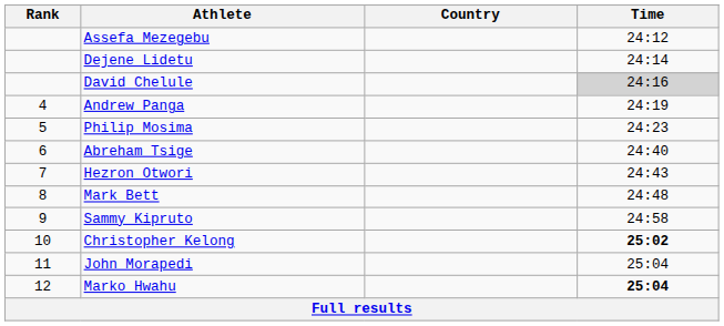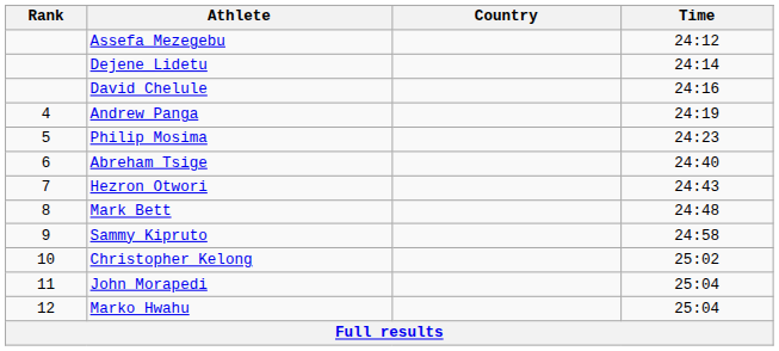 <table class="wikitable sortable" style=" text-align:center; font-size:95%;" width="50%">
 <tr>
 </tr>
 <tr>
 <th width=5%>Rank</th>
 <th width=20%>Athlete</th>
 <th width=15%>Country</th>
 <th width=10%>Time</th>
 </tr>
 <tr>
 <td align=center></td>
 <td align=left><a href='#'>Assefa Mezegebu</a></td>
 <td align=left></td>
 <td>24:12</td>
 </tr>
 <tr>
 <td align=center></td>
 <td align=left><a href='#'>Dejene Lidetu</a></td>
 <td align=left></td>
 <td>24:14</td>
 </tr>
 <tr>
 <td align=center></td>
 <td align=left><a href='#'>David Chelule</a></td>
 <td align=left></td>
-<td style="background: lightgrey;">24:16</td>
+<td>24:16</td>
 </tr>
 <tr>
 <td align=center>4</td>
 <td align=left><a href='#'>Andrew Panga</a></td>
 <td align=left></td>
 <td>24:19</td>
 </tr>
 <tr>
 <td align=center>5</td>
 <td align=left><a href='#'>Philip Mosima</a></td>
 <td align=left></td>
 <td>24:23</td>
 </tr>
 <tr>
 <td align=center>6</td>
 <td align=left><a href='#'>Abreham Tsige</a></td>
 <td align=left></td>
 <td>24:40</td>
 </tr>
 <tr>
 <td align=center>7</td>
 <td align=left><a href='#'>Hezron Otwori</a></td>
 <td align=left></td>
 <td>24:43</td>
 </tr>
 <tr>
 <td align=center>8</td>
 <td align=left><a href='#'>Mark Bett</a></td>
 <td align=left></td>
 <td>24:48</td>
 </tr>
 <tr>
 <td align=center>9</td>
 <td align=left><a href='#'>Sammy Kipruto</a></td>
 <td align=left></td>
 <td>24:58</td>
 </tr>
 <tr>
 <td align=center>10</td>
 <td align=left><a href='#'>Christopher Kelong</a></td>
 <td align=left></td>
-<td><strong>25:02</strong></td>
+<td>25:02</td>
 </tr>
 <tr>
 <td align=center>11</td>
 <td align=left><a href='#'>John Morapedi</a></td>
 <td align=left></td>
 <td>25:04</td>
 </tr>
 <tr>
 <td align=center>12</td>
 <td align=left><a href='#'>Marko Hwahu</a></td>
 <td align=left></td>
-<td><strong>25:04</strong></td>
+<td>25:04</td>
 </tr>
 <tr class="sortbottom">
 <th colspan=4 align=center><a href='#'>Full results</a></th>
 </tr>
 </table>
